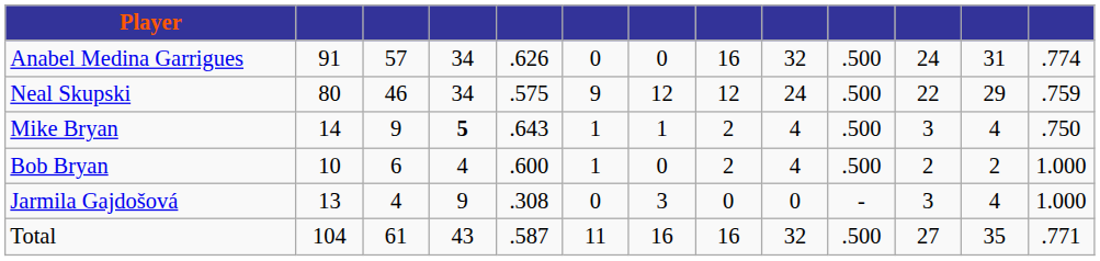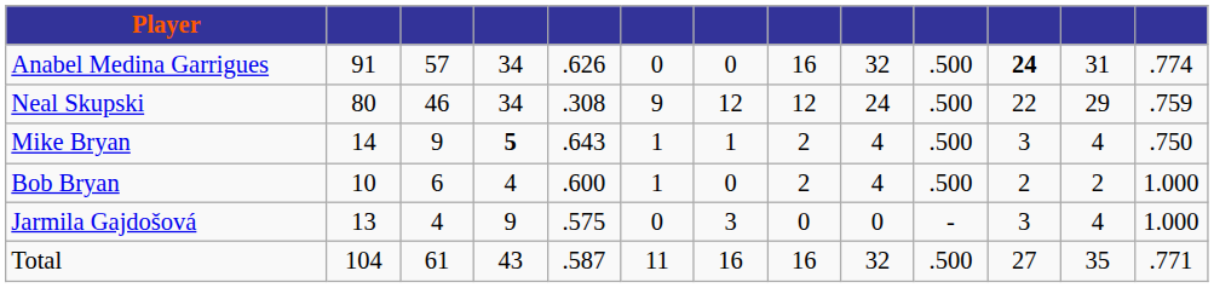 <table class="wikitable" style="text-align:center">
 <tr>
 <th style="background:#333399; color:#FF5800" width="200px">Player</th>
 <th style="background:#333399; color:#FF5800" width="40px"></th>
 <th style="background:#333399; color:#FF5800" width="40px"></th>
 <th style="background:#333399; color:#FF5800" width="40px"></th>
 <th style="background:#333399; color:#FF5800" width="40px"></th>
 <th style="background:#333399; color:#FF5800" width="40px"></th>
 <th style="background:#333399; color:#FF5800" width="40px"></th>
 <th style="background:#333399; color:#FF5800" width="40px"></th>
 <th style="background:#333399; color:#FF5800" width="40px"></th>
 <th style="background:#333399; color:#FF5800" width="40px"></th>
 <th style="background:#333399; color:#FF5800" width="40px"></th>
 <th style="background:#333399; color:#FF5800" width="40px"></th>
 <th style="background:#333399; color:#FF5800" width="40px"></th>
 </tr>
 <tr>
 <td style="text-align:left"><a href='#'>Anabel Medina Garrigues</a></td>
 <td>91</td>
 <td>57</td>
 <td>34</td>
 <td>.626</td>
 <td>0</td>
 <td>0</td>
 <td>16</td>
 <td>32</td>
 <td>.500</td>
-<td>24</td>
+<td><strong>24</strong></td>
 <td>31</td>
 <td>.774</td>
 </tr>
 <tr>
 <td style="text-align:left"><a href='#'>Neal Skupski</a></td>
 <td>80</td>
 <td>46</td>
 <td>34</td>
-<td>.575</td>
+<td>.308</td>
 <td>9</td>
 <td>12</td>
 <td>12</td>
 <td>24</td>
 <td>.500</td>
 <td>22</td>
 <td>29</td>
 <td>.759</td>
 </tr>
 <tr>
 <td style="text-align:left"><a href='#'>Mike Bryan</a></td>
 <td>14</td>
 <td>9</td>
 <td><strong>5</strong></td>
 <td>.643</td>
 <td>1</td>
 <td>1</td>
 <td>2</td>
 <td>4</td>
 <td>.500</td>
 <td>3</td>
 <td>4</td>
 <td>.750</td>
 </tr>
 <tr>
 <td style="text-align:left"><a href='#'>Bob Bryan</a></td>
 <td>10</td>
 <td>6</td>
 <td>4</td>
 <td>.600</td>
 <td>1</td>
 <td>0</td>
 <td>2</td>
 <td>4</td>
 <td>.500</td>
 <td>2</td>
 <td>2</td>
 <td>1.000</td>
 </tr>
 <tr>
 <td style="text-align:left"><a href='#'>Jarmila Gajdošová</a></td>
 <td>13</td>
 <td>4</td>
 <td>9</td>
-<td>.308</td>
+<td>.575</td>
 <td>0</td>
 <td>3</td>
 <td>0</td>
 <td>0</td>
 <td>-</td>
 <td>3</td>
 <td>4</td>
 <td>1.000</td>
 </tr>
 <tr>
 <td style="text-align:left">Total</td>
 <td>104</td>
 <td>61</td>
 <td>43</td>
 <td>.587</td>
 <td>11</td>
 <td>16</td>
 <td>16</td>
 <td>32</td>
 <td>.500</td>
 <td>27</td>
 <td>35</td>
 <td>.771</td>
 </tr>
 </table>
